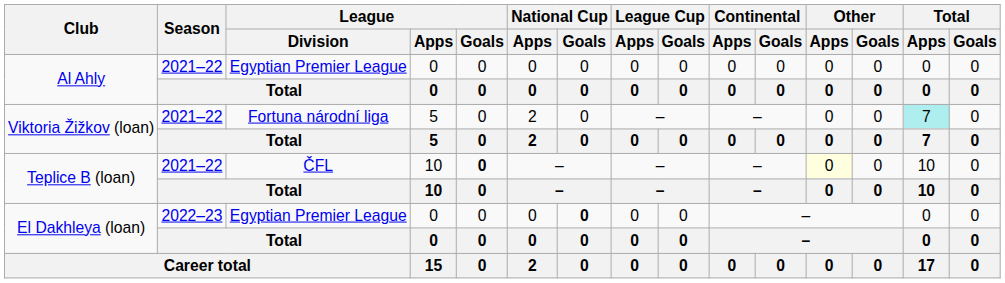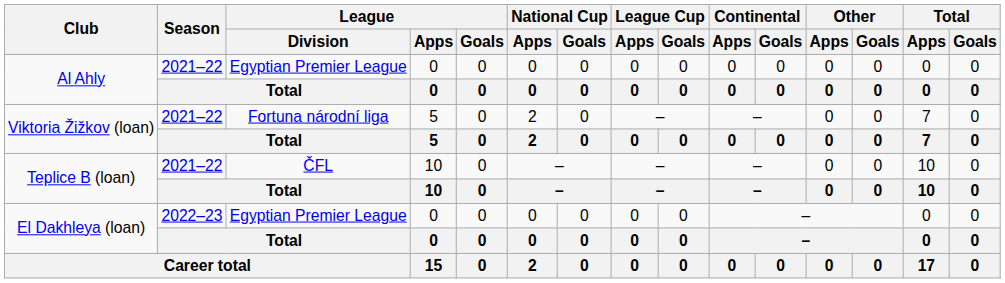 <table class="wikitable" style="text-align: center">
 <tr>
 <th rowspan="2">Club</th>
 <th rowspan="2">Season</th>
 <th colspan="3">League</th>
 <th colspan="2">National Cup</th>
 <th colspan="2">League Cup</th>
 <th colspan="2">Continental</th>
 <th colspan="2">Other</th>
 <th colspan="2">Total</th>
 </tr>
 <tr>
 <th>Division</th>
 <th>Apps</th>
 <th>Goals</th>
 <th>Apps</th>
 <th>Goals</th>
 <th>Apps</th>
 <th>Goals</th>
 <th>Apps</th>
 <th>Goals</th>
 <th>Apps</th>
 <th>Goals</th>
 <th>Apps</th>
 <th>Goals</th>
 </tr>
 <tr>
 <td rowspan=2><a href='#'>Al Ahly</a></td>
 <td><a href='#'>2021–22</a></td>
 <td><a href='#'>Egyptian Premier League</a></td>
 <td>0</td>
 <td>0</td>
 <td>0</td>
 <td>0</td>
 <td>0</td>
 <td>0</td>
 <td>0</td>
 <td>0</td>
 <td>0</td>
 <td>0</td>
 <td>0</td>
 <td>0</td>
 </tr>
 <tr>
 <th colspan=2>Total</th>
 <th>0</th>
 <th>0</th>
 <th>0</th>
 <th>0</th>
 <th>0</th>
 <th>0</th>
 <th>0</th>
 <th>0</th>
 <th>0</th>
 <th>0</th>
 <th>0</th>
 <th>0</th>
 </tr>
 <tr>
 <td rowspan=2><a href='#'>Viktoria Žižkov</a> (loan)</td>
 <td><a href='#'>2021–22</a></td>
 <td><a href='#'>Fortuna národní liga</a></td>
 <td>5</td>
 <td>0</td>
 <td>2</td>
 <td>0</td>
 <td colspan="2">–</td>
 <td colspan="2">–</td>
 <td>0</td>
 <td>0</td>
-<td style="background: paleturquoise;">7</td>
+<td>7</td>
 <td>0</td>
 </tr>
 <tr>
 <th colspan=2>Total</th>
 <th>5</th>
 <th>0</th>
 <th>2</th>
 <th>0</th>
 <th>0</th>
 <th>0</th>
 <th>0</th>
 <th>0</th>
 <th>0</th>
 <th>0</th>
 <th>7</th>
 <th>0</th>
 </tr>
 <tr>
 <td rowspan=2><a href='#'>Teplice B</a> (loan)</td>
 <td><a href='#'>2021–22</a></td>
 <td><a href='#'>ČFL</a></td>
 <td>10</td>
-<td><strong>0</strong></td>
+<td>0</td>
 <td colspan="2">–</td>
 <td colspan="2">–</td>
 <td colspan="2">–</td>
-<td style="background: lightyellow;">0</td>
+<td>0</td>
 <td>0</td>
 <td>10</td>
 <td>0</td>
 </tr>
 <tr>
 <th colspan=2>Total</th>
 <th>10</th>
 <th>0</th>
 <th colspan="2">–</th>
 <th colspan="2">–</th>
 <th colspan="2">–</th>
 <th>0</th>
 <th>0</th>
 <th>10</th>
 <th>0</th>
 </tr>
 <tr>
 <td rowspan=2><a href='#'>El Dakhleya</a> (loan)</td>
 <td><a href='#'>2022–23</a></td>
 <td><a href='#'>Egyptian Premier League</a></td>
 <td>0</td>
 <td>0</td>
 <td>0</td>
-<td><strong>0</strong></td>
+<td>0</td>
 <td>0</td>
 <td>0</td>
 <td colspan="4">–</td>
 <td>0</td>
 <td>0</td>
 </tr>
 <tr>
 <th colspan=2>Total</th>
 <th>0</th>
 <th>0</th>
 <th>0</th>
 <th>0</th>
 <th>0</th>
 <th>0</th>
 <th colspan="4">–</th>
 <th>0</th>
 <th>0</th>
 </tr>
 <tr>
 <th colspan=3>Career total</th>
 <th>15</th>
 <th>0</th>
 <th>2</th>
 <th>0</th>
 <th>0</th>
 <th>0</th>
 <th>0</th>
 <th>0</th>
 <th>0</th>
 <th>0</th>
 <th>17</th>
 <th>0</th>
 </tr>
 </table>
